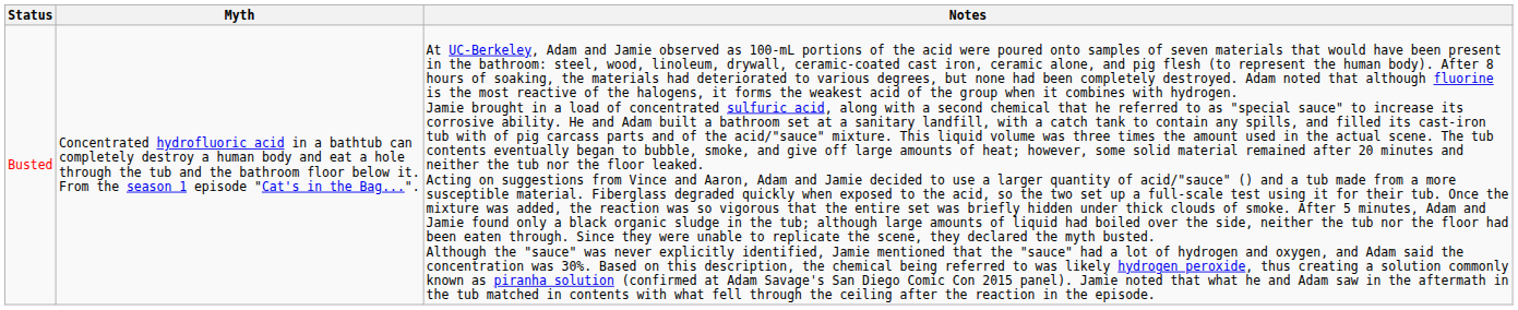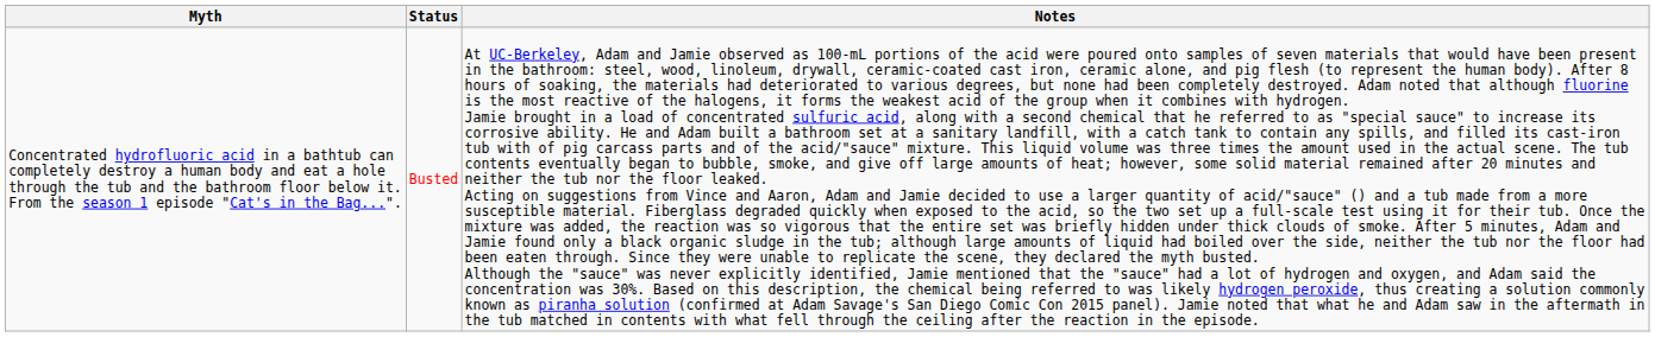 <table class="wikitable plainrowheaders">
 <tr>
+<th scope"col">Myth</th>
 <th scope"col">Status</th>
-<th scope"col">Myth</th>
 <th scope"col">Notes</th>
 </tr>
 <tr>
+<td scope"row">Concentrated <a href='#'>hydrofluoric acid</a> in a bathtub can completely destroy a human body and eat a hole through the tub and the bathroom floor below it. From the <a href='#'>season 1</a> episode "<a href='#'>Cat's in the Bag...</a>".</td>
 <td style="color:red">Busted</td>
-<td scope"row">Concentrated <a href='#'>hydrofluoric acid</a> in a bathtub can completely destroy a human body and eat a hole through the tub and the bathroom floor below it. From the <a href='#'>season 1</a> episode "<a href='#'>Cat's in the Bag...</a>".</td>
 <td><br>At <a href='#'>UC-Berkeley</a>, Adam and Jamie observed as 100-mL portions of the acid were poured onto samples of seven materials that would have been present in the bathroom: steel, wood, linoleum, drywall, ceramic-coated cast iron, ceramic alone, and pig flesh (to represent the human body). After 8 hours of soaking, the materials had deteriorated to various degrees, but none had been completely destroyed. Adam noted that although <a href='#'>fluorine</a> is the most reactive of the halogens, it forms the weakest acid of the group when it combines with hydrogen.<br>Jamie brought in a load of concentrated <a href='#'>sulfuric acid</a>, along with a second chemical that he referred to as "special sauce" to increase its corrosive ability. He and Adam built a bathroom set at a sanitary landfill, with a catch tank to contain any spills, and filled its cast-iron tub with  of pig carcass parts and  of the acid/"sauce" mixture. This liquid volume was three times the amount used in the actual scene. The tub contents eventually began to bubble, smoke, and give off large amounts of heat; however, some solid material remained after 20 minutes and neither the tub nor the floor leaked.<br>Acting on suggestions from Vince and Aaron, Adam and Jamie decided to use a larger quantity of acid/"sauce" () and a tub made from a more susceptible material. Fiberglass degraded quickly when exposed to the acid, so the two set up a full-scale test using it for their tub. Once the mixture was added, the reaction was so vigorous that the entire set was briefly hidden under thick clouds of smoke. After 5 minutes, Adam and Jamie found only a black organic sludge in the tub; although large amounts of liquid had boiled over the side, neither the tub nor the floor had been eaten through. Since they were unable to replicate the scene, they declared the myth busted.<br>Although the "sauce" was never explicitly identified, Jamie mentioned that the "sauce" had a lot of hydrogen and oxygen, and Adam said the concentration was 30%. Based on this description, the chemical being referred to was likely <a href='#'>hydrogen peroxide</a>, thus creating a solution commonly known as <a href='#'>piranha solution</a> (confirmed at Adam Savage's San Diego Comic Con 2015 panel). Jamie noted that what he and Adam saw in the aftermath in the tub matched in contents with what fell through the ceiling after the reaction in the episode.</td>
 </tr>
 </table>
